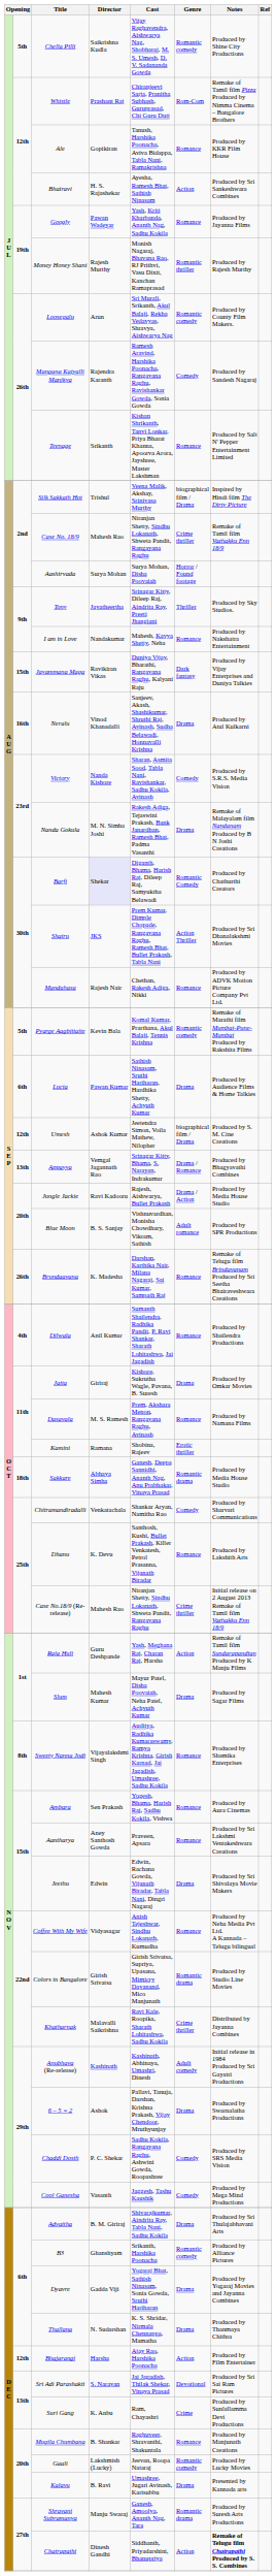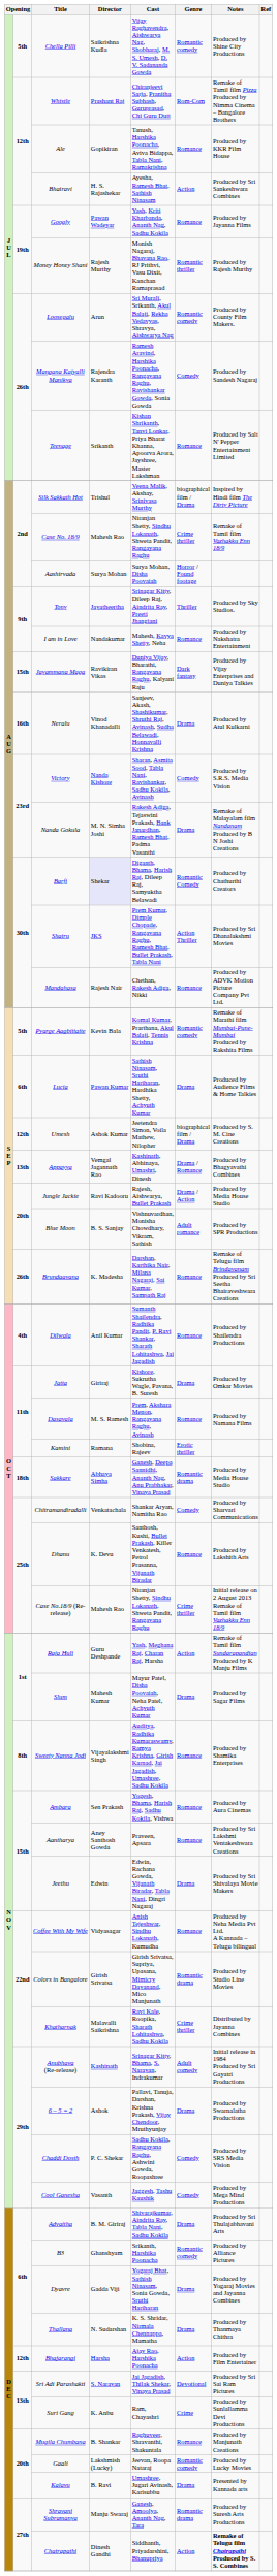 <table class="wikitable">
 <tr>
 <th colspan="2"><strong>Opening</strong></th>
 <th width="13%"><strong>Title</strong></th>
 <th><strong>Director</strong></th>
 <th><strong>Cast</strong></th>
 <th><strong>Genre</strong></th>
 <th><strong>Notes</strong></th>
 <th><strong>Ref</strong></th>
 </tr>
 <tr July!>
 <td rowspan="9" valign="center" align="center" style="background:#d0f0c0; textcolor:#000;"><strong>J<br>U<br>L</strong></td>
 <td align="center"><strong>5th</strong></td>
 <td align="center"><em><a href='#'>Chella Pilli</a></em></td>
 <td>Saikrishna Kudla</td>
 <td><a href='#'>Vijay Raghavendra</a>, <a href='#'>Aishwarya Nag</a>, <a href='#'>Shobharaj</a>, <a href='#'>M. S. Umesh</a>, <a href='#'>D. V. Sadananda Gowda</a></td>
 <td><a href='#'>Romantic comedy</a></td>
 <td>Produced by Shine City Productions</td>
 <td align="center"> <br></td>
 </tr>
 <tr>
 <td rowspan="3" align="center"><strong>12th</strong></td>
 <td align="center"><em><a href='#'>Whistle</a></em></td>
 <td><a href='#'>Prashant Raj</a></td>
 <td><a href='#'>Chiranjeevi Sarja</a>, <a href='#'>Pranitha Subhash</a>, <a href='#'>Guruprasad</a>, <a href='#'>Chi Guru Dutt</a></td>
 <td><a href='#'>Rom-Com</a></td>
 <td>Remake of Tamil film <em><a href='#'>Pizza</a></em> <br> Produced by Nimma Cinema – Bangalore Brothers</td>
 <td align="center"> <br></td>
 </tr>
 <tr>
 <td align="center"><em>Ale</em></td>
 <td>Gopikiran</td>
 <td>Tanush, <a href='#'>Harshika Poonacha</a>, Aviva Bidappa, <a href='#'>Tabla Nani</a>, <a href='#'>Ramakrishna</a></td>
 <td><a href='#'>Romance</a></td>
 <td>Produced by KKR Film House</td>
 <td align="center"></td>
 </tr>
 <tr>
 <td align="center"><em>Bhairavi</em></td>
 <td>H. S. Rajashekar</td>
 <td>Ayesha, <a href='#'>Ramesh Bhat</a>, <a href='#'>Sathish Ninasam</a></td>
 <td><a href='#'>Action</a></td>
 <td>Produced by Sri Sankeshwara Combines</td>
 <td align="center"></td>
 </tr>
 <tr>
 <td rowspan="2" align="center"><strong>19th</strong></td>
 <td align="center"><em><a href='#'>Googly</a></em></td>
 <td><a href='#'>Pawan Wadeyar</a></td>
 <td><a href='#'>Yash</a>, <a href='#'>Kriti Kharbanda</a>, <a href='#'>Ananth Nag</a>, <a href='#'>Sadhu Kokila</a></td>
 <td><a href='#'>Romance</a></td>
 <td>Produced by Jayanna Films</td>
 <td align="center"> <br></td>
 </tr>
 <tr>
 <td align="center"><em>Money Honey Shani</em></td>
 <td>Rajesh Murthy</td>
 <td>Monish Nagaraj, <a href='#'>Bhavana Rao</a>, RJ Prithvi, Vasu Dixit, Kanchan Ramaprasad</td>
 <td><a href='#'>Romantic thriller</a></td>
 <td>Produced by Rajesh Murthy</td>
 <td align="center"></td>
 </tr>
 <tr>
 <td rowspan="3" align="center"><strong>26th</strong></td>
 <td align="center"><em><a href='#'>Loosegalu</a></em></td>
 <td>Arun</td>
 <td><a href='#'>Sri Murali</a>, Srikanth, <a href='#'>Akul Balaji</a>, <a href='#'>Rekha Vedavyas</a>, Shravya, <a href='#'>Aishwarya Nag</a></td>
 <td><a href='#'>Romantic comedy</a></td>
 <td>Produced by County Film Makers.</td>
 <td align="center"> <br></td>
 </tr>
 <tr>
 <td align="center"><em><a href='#'>Mangana Kaiyalli Manikya</a></em></td>
 <td>Rajendra Karanth</td>
 <td><a href='#'>Ramesh Aravind</a>, <a href='#'>Harshika Poonacha</a>, <a href='#'>Rangayana Raghu</a>, <a href='#'>Ravishankar Gowda</a>, Sonia Gowda</td>
 <td><a href='#'>Comedy</a></td>
 <td>Produced by Sandesh Nagaraj</td>
 <td align="center"> <br></td>
 </tr>
 <tr>
 <td align="center"><em><a href='#'>Teenage</a></em></td>
 <td>Srikanth</td>
 <td><a href='#'>Kishan Shrikanth</a>, <a href='#'>Tanvi Lonkar</a>, Priya Bharat Khanna, Apoorva Arora, Jayshree, Master Lakshman</td>
 <td><a href='#'>Romance</a></td>
 <td>Produced by Salt N' Pepper Entertainment Limited</td>
 <td align="center"></td>
 </tr>
 <tr>
 </tr>
 <tr August!>
 <td rowspan="12" valign="center" align="center" style="background:#C2B280; textcolor:#000;"><strong>A<br>U<br>G</strong></td>
 <td rowspan="3" align="center"><strong>2nd</strong></td>
 <td align="center"><em><a href='#'>Silk Sakkath Hot</a></em></td>
 <td>Trishul</td>
 <td><a href='#'>Veena Malik</a>, Akshay, <a href='#'>Srinivasa Murthy</a></td>
 <td>biographical film / <a href='#'>Drama</a></td>
 <td>Inspired by Hindi film <em><a href='#'>The Dirty Picture</a></em></td>
 <td align="center"></td>
 </tr>
 <tr>
 <td align="center"><em><a href='#'>Case No. 18/9</a></em></td>
 <td>Mahesh Rao</td>
 <td>Niranjan Shetty, <a href='#'>Sindhu Lokanath</a>, Shweta Pandit, <a href='#'>Rangayana Raghu</a></td>
 <td><a href='#'>Crime thriller</a></td>
 <td>Remake of Tamil film <em><a href='#'>Vazhakku Enn 18/9</a></em></td>
 <td align="center"> <br></td>
 </tr>
 <tr>
 <td align="center"><em>Aashirvada</em></td>
 <td>Surya Mohan</td>
 <td>Surya Mohan, <a href='#'>Disha Poovaiah</a></td>
 <td><a href='#'>Horror</a> / <a href='#'>Found footage</a></td>
 <td></td>
 <td align="center"></td>
 </tr>
 <tr>
 <td rowspan="2" align="center"><strong>9th</strong></td>
 <td align="center"><em><a href='#'>Tony</a></em></td>
 <td><a href='#'>Jayatheertha</a></td>
 <td><a href='#'>Srinagar Kitty</a>, Dileep Raj, <a href='#'>Aindrita Ray</a>, <a href='#'>Preeti Jhangiani</a></td>
 <td><a href='#'>Thriller</a></td>
 <td>Produced by Sky Studios.</td>
 <td align="center"></td>
 </tr>
 <tr>
 <td align="center"><em>I am in Love</em></td>
 <td>Nandakumar</td>
 <td>Mahesh, <a href='#'>Kavya Shetty</a>, Neha</td>
 <td><a href='#'>Romance</a></td>
 <td>Produced by Nakshatra Entertainment</td>
 <td align="center"> <br></td>
 </tr>
 <tr>
 <td rowspan="1" align="center"><strong>15th</strong></td>
 <td align="center"><em><a href='#'>Jayammana Maga</a></em></td>
 <td>Ravikiran Vikas</td>
 <td><a href='#'>Duniya Vijay</a>, Bharathi, <a href='#'>Rangayana Raghu</a>, Kalyani Raju</td>
 <td><a href='#'>Dark fantasy</a></td>
 <td>Produced by Vijay Enterprises and Duniya Talkies</td>
 <td align="center"> <br></td>
 </tr>
 <tr>
 <td rowspan="1" align="center"><strong>16th</strong></td>
 <td align="center"><em>Neralu</em></td>
 <td>Vinod Khanadalli</td>
 <td>Sanjeev, Akash, <a href='#'>Shashikumar</a>, <a href='#'>Shruthi Raj</a>, <a href='#'>Avinash</a>, <a href='#'>Sudha Belawadi</a>, <a href='#'>Honnavalli Krishna</a></td>
 <td><a href='#'>Drama</a></td>
 <td>Produced by Atul Kulkarni</td>
 <td align="center"></td>
 </tr>
 <tr>
 <td rowspan="2" align="center"><strong>23rd</strong></td>
 <td align="center"><em><a href='#'>Victory</a></em></td>
 <td><a href='#'>Nanda Kishore</a></td>
 <td><a href='#'>Sharan</a>, <a href='#'>Asmita Sood</a>, <a href='#'>Tabla Nani</a>, <a href='#'>Ravishankar</a>, <a href='#'>Sadhu Kokila</a>, <a href='#'>Avinash</a></td>
 <td><a href='#'>Comedy</a></td>
 <td>Produced by S.R.S. Media Vision</td>
 <td align="center"> <br></td>
 </tr>
 <tr>
 <td align="center"><em>Nanda Gokula</em></td>
 <td>M. N. Simha Joshi</td>
 <td><a href='#'>Rakesh Adiga</a>, Tejaswini Prakash, <a href='#'>Bank Janardhan</a>, <a href='#'>Ramesh Bhat</a>, Padma Vasanthi</td>
 <td><a href='#'>Drama</a></td>
 <td>Remake of Malayalam film <em><a href='#'>Nandanam</a></em> <br> Produced by B N Joshi Creations</td>
 <td align="center"></td>
 </tr>
 <tr>
 <td rowspan="3" align="center"><strong>30th</strong></td>
 <td align="center"><em><a href='#'>Barfi</a></em></td>
 <td style="background: lavender;">Shekar</td>
 <td><a href='#'>Diganth</a>, <a href='#'>Bhama</a>, <a href='#'>Harish Raj</a>, Dileep Raj, Samyuktha Belawadi</td>
 <td><a href='#'>Romantic Comedy</a></td>
 <td>Produced by Chathurthi Creators</td>
 <td align="center"></td>
 </tr>
 <tr>
 <td align="center"><em><a href='#'>Shatru</a></em></td>
 <td><a href='#'>JKS</a></td>
 <td><a href='#'>Prem Kumar</a>, <a href='#'>Dimple Chopade</a>, <a href='#'>Rangayana Raghu</a>, <a href='#'>Ramesh Bhat</a>, <a href='#'>Bullet Prakash</a>, <a href='#'>Tabla Nani</a></td>
 <td><a href='#'>Action</a> <br> <a href='#'>Thriller</a></td>
 <td>Produced by Sri Dhanalakshmi Movies</td>
 <td align="center"> <br></td>
 </tr>
 <tr>
 <td align="center"><em><a href='#'>Mandahasa</a></em></td>
 <td>Rajesh Nair</td>
 <td>Chethan, <a href='#'>Rakesh Adiga</a>, Nikki</td>
 <td><a href='#'>Romance</a></td>
 <td>Produced by ADVK Motion Picture Company Pvt Ltd.</td>
 <td align="center"></td>
 </tr>
 <tr>
 </tr>
 <tr September!>
 <td rowspan="7" valign="center" align="center" style="background:#F5DEB3; textcolor:#000;"><strong>S<br>E<br>P</strong></td>
 <td rowspan="1" align="center"><strong>5th</strong></td>
 <td align="center"><em><a href='#'>Pyarge Aagbittaite</a></em></td>
 <td>Kevin Bala</td>
 <td><a href='#'>Komal Kumar</a>, Prarthana, <a href='#'>Akul Balaji</a>, <a href='#'>Tennis Krishna</a></td>
 <td><a href='#'>Romantic comedy</a></td>
 <td>Remake of Marathi film <em><a href='#'>Mumbai-Pune-Mumbai</a></em> <br> Produced by Rakshita Films</td>
 <td align="center"></td>
 </tr>
 <tr>
 <td rowspan="1" align="center"><strong>6th</strong></td>
 <td align="center"><em><a href='#'>Lucia</a></em></td>
 <td><a href='#'>Pawan Kumar</a></td>
 <td><a href='#'>Sathish Ninasam</a>, <a href='#'>Sruthi Hariharan</a>, Hardhika Shetty, <a href='#'>Achyuth Kumar</a></td>
 <td><a href='#'>Drama</a></td>
 <td>Produced by Audience Films & Home Talkies</td>
 <td align="center"></td>
 </tr>
 <tr>
 <td rowspan="1" align="center"><strong>12th</strong></td>
 <td align="center"><em>Umesh</em></td>
 <td>Ashok Kumar</td>
 <td>Jeetendra Simon, Voila Mathew, Nilopher</td>
 <td>biographical film / <a href='#'>Drama</a></td>
 <td>Produced by S. M. Cine Creations</td>
 <td align="center"></td>
 </tr>
 <tr>
 <td rowspan="1" align="center"><strong>13th</strong></td>
 <td align="center"><em><a href='#'>Appayya</a></em></td>
 <td>Vemgal Jagannath Rao</td>
-<td><a href='#'>Srinagar Kitty</a>, <a href='#'>Bhama</a>, <a href='#'>S. Narayan</a>, Indrakumar</td>
+<td><a href='#'>Kashinath</a>, Abhinaya, <a href='#'>Umashri</a>, Dinesh</td>
 <td><a href='#'>Drama</a> / <a href='#'>Romance</a></td>
 <td>Produced by Bhagyavathi Combines</td>
 <td align="center"></td>
 </tr>
 <tr>
 <td rowspan="2" align="center"><strong>20th</strong></td>
 <td align="center"><em>Jungle Jackie</em></td>
 <td>Ravi Kadooru</td>
 <td>Rajesh, Aishwarya, <a href='#'>Bullet Prakash</a></td>
 <td><a href='#'>Drama</a> / <a href='#'>Action</a></td>
 <td>Produced by Media House Studio</td>
 <td align="center"></td>
 </tr>
 <tr>
 <td align="center"><em>Blue Moon</em></td>
 <td>B. S. Sanjay</td>
 <td>Vishnuvardhan, Monisha Chowdhary, Vikram, Sathish</td>
 <td><a href='#'>Adult romance</a></td>
 <td>Produced by SPR Productions</td>
 <td align="center"></td>
 </tr>
 <tr>
 <td rowspan="1" align="center"><strong>26th</strong></td>
 <td align="center"><em><a href='#'>Brundaavana</a></em></td>
 <td>K. Madesha</td>
 <td><a href='#'>Darshan</a>, <a href='#'>Karthika Nair</a>, <a href='#'>Milana Nagaraj</a>, <a href='#'>Sai Kumar</a>, <a href='#'>Sampath Raj</a></td>
 <td><a href='#'>Romance</a></td>
 <td>Remake of Telugu film <em><a href='#'>Brindavanam</a></em> <br> Produced by Sri Seetha Bhairaveshwara Creations</td>
 <td align="center"> <br></td>
 </tr>
 <tr>
 </tr>
 <tr October!>
 <td rowspan="8" valign="center" align="center" style="background:#FFB7C5; textcolor:#000;"><strong>O<br>C<br>T</strong></td>
 <td rowspan="1" align="center"><strong>4th</strong></td>
 <td align="center"><em><a href='#'>Dilwala</a></em></td>
 <td>Anil Kumar</td>
 <td><a href='#'>Sumanth Shailendra</a>, <a href='#'>Radhika Pandit</a>, <a href='#'>P. Ravi Shankar</a>, <a href='#'>Sharath Lohitashwa</a>, <a href='#'>Jai Jagadish</a></td>
 <td><a href='#'>Romance</a></td>
 <td>Produced by Shailendra Productions</td>
 <td align="center"></td>
 </tr>
 <tr>
 <td rowspan="3" align="center"><strong>11th</strong></td>
 <td align="center"><em><a href='#'>Jatta</a></em></td>
 <td>Giriraj</td>
 <td><a href='#'>Kishore</a>, Sukrutha Wagle, Pavana, B. Suresh</td>
 <td><a href='#'>Drama</a></td>
 <td>Produced by Omkar Movies</td>
 <td align="center"><br></td>
 </tr>
 <tr>
 <td align="center"><em><a href='#'>Dasavala</a></em></td>
 <td>M. S. Ramesh</td>
 <td><a href='#'>Prem</a>, <a href='#'>Akshara Menon</a>, <a href='#'>Rangayana Raghu</a>, <a href='#'>Avinash</a></td>
 <td><a href='#'>Romance</a></td>
 <td>Produced by Namana Films</td>
 <td align="center"></td>
 </tr>
 <tr>
 <td align="center"><em>Kamini</em></td>
 <td>Ramana</td>
 <td>Shobina, Rajeev</td>
 <td><a href='#'>Erotic thriller</a></td>
 <td></td>
 <td align="center"></td>
 </tr>
 <tr>
 <td rowspan="1" align="center"><strong>18th</strong></td>
 <td align="center"><em><a href='#'>Sakkare</a></em></td>
 <td><a href='#'>Abhaya Simha</a></td>
 <td><a href='#'>Ganesh</a>, <a href='#'>Deepa Sannidhi</a>, <a href='#'>Ananth Nag</a>, <a href='#'>Anu Prabhakar</a>, <a href='#'>Vinaya Prasad</a></td>
 <td><a href='#'>Romantic drama</a></td>
 <td>Produced by Media House Studio</td>
 <td align="center"></td>
 </tr>
 <tr>
 <td rowspan="3" align="center"><strong>25th</strong></td>
 <td align="center"><em>Chitramandiradalli</em></td>
 <td>Venkatachala</td>
 <td>Shankar Aryan, Namitha Rao</td>
 <td><a href='#'>Comedy</a></td>
 <td>Produced by Sharvari Communications</td>
 <td align="center"></td>
 </tr>
 <tr>
 <td align="center"><em>Dhanu</em></td>
 <td>K. Devu</td>
 <td>Santhosh, Kushi, <a href='#'>Bullet Prakash</a>, Killer Venkatesh, Petrol Prasanna, <a href='#'>Vijanath Biradar</a></td>
 <td><a href='#'>Romance</a></td>
 <td>Produced by Lakshith Arts</td>
 <td align="center"></td>
 </tr>
 <tr>
 <td align="center"><em>Case No.18/9</em> (Re-release)</td>
 <td>Mahesh Rao</td>
 <td>Niranjan Shetty, <a href='#'>Sindhu Lokanath</a>, Shweta Pandit, <a href='#'>Rangayana Raghu</a></td>
 <td><a href='#'>Crime thriller</a></td>
 <td>Initial release on 2 August 2013<br> Remake of Tamil film <em><a href='#'>Vazhakku Enn 18/9</a></em></td>
 <td align="center"> <br></td>
 </tr>
 <tr>
 </tr>
 <tr November!>
 <td rowspan="13" valign="center" align="center" style="background:#d0f0c0; textcolor:#000;"><strong>N<br>O<br>V</strong></td>
 <td rowspan="2" align="center"><strong>1st</strong></td>
 <td align="center"><em><a href='#'>Raja Huli</a></em></td>
 <td>Guru Deshpande</td>
 <td><a href='#'>Yash</a>, <a href='#'>Meghana Raj</a>, <a href='#'>Charan Raj</a>, Harsha</td>
 <td><a href='#'>Action</a></td>
 <td>Remake of Tamil film <em><a href='#'>Sundarapandian</a></em> <br> Produced by K Manju Films</td>
 <td align="center"> <br></td>
 </tr>
 <tr>
 <td align="center"><em><a href='#'>Slum</a></em></td>
 <td>Mahesh Kumar</td>
 <td>Mayur Patel, <a href='#'>Disha Poovaiah</a>, Neha Patel, <a href='#'>Achyuth Kumar</a></td>
 <td><a href='#'>Drama</a></td>
 <td>Produced by Sagar Films</td>
 <td align="center"></td>
 </tr>
 <tr>
 <td rowspan="1" align="center"><strong>8th</strong></td>
 <td align="center"><em><a href='#'>Sweety Nanna Jodi</a></em></td>
 <td>Vijayalakshmi Singh</td>
 <td><a href='#'>Auditya</a>, <a href='#'>Radhika Kumaraswamy</a>, <a href='#'>Ramya Krishna</a>, <a href='#'>Girish Karnad</a>, <a href='#'>Jai Jagadish</a>, <a href='#'>Umashree</a>, <a href='#'>Sadhu Kokila</a></td>
 <td><a href='#'>Romance</a></td>
 <td>Produced by Shamika Enterprises</td>
 <td align="center"><br></td>
 </tr>
 <tr>
 <td rowspan="3" align="center"><strong>15th</strong></td>
 <td align="center"><em><a href='#'>Ambara</a></em></td>
 <td>Sen Prakash</td>
 <td><a href='#'>Yogesh</a>, <a href='#'>Bhama</a>, <a href='#'>Harish Raj</a>, <a href='#'>Sadhu Kokila</a>, Vishwa</td>
 <td><a href='#'>Romance</a></td>
 <td>Produced by Aura Cinemas</td>
 <td align="center"></td>
 </tr>
 <tr>
 <td align="center"><em>Aantharya</em></td>
 <td>Aney Santhosh Gowda</td>
 <td>Praveen, Apsara</td>
 <td><a href='#'>Romance</a></td>
 <td>Produced by Sri Lakshmi Ventakeshwara Creations</td>
 <td align="center"></td>
 </tr>
 <tr>
 <td align="center"><em>Jeethu</em></td>
 <td>Edwin</td>
 <td>Edwin, Rachana Gowda, <a href='#'>Vijanath Biradar</a>, <a href='#'>Tabla Nani</a>, Dingri Nagaraj</td>
 <td><a href='#'>Drama</a></td>
 <td>Produced by Sri Shivalaya Movie Makers</td>
 <td align="center"></td>
 </tr>
 <tr>
 <td rowspan="3" align="center"><strong>22nd</strong></td>
 <td align="center"><em><a href='#'>Coffee With My Wife</a></em></td>
 <td>Vidyasagar</td>
 <td><a href='#'>Anish Tejeshwar</a>, <a href='#'>Sindhu Lokanath</a>, Kumudha</td>
 <td><a href='#'>Romance</a></td>
 <td>Produced by Neha Media Pvt Ltd. <br> A Kannada – Telugu bilingual</td>
 <td align="center"><br></td>
 </tr>
 <tr>
 <td align="center"><em>Colors in Bangalore</em></td>
 <td>Girish Srivatsa</td>
 <td>Girish Srivatsa, Supriya, Upasana, <a href='#'>Mimicry Dayanand</a>, Mico Manjunath</td>
 <td><a href='#'>Romantic drama</a></td>
 <td>Produced by Studio Line Movies</td>
 <td align="center"></td>
 </tr>
 <tr>
 <td align="center"><em><a href='#'>Khatharnak</a></em></td>
 <td>Malavalli Saikrishna</td>
 <td><a href='#'>Ravi Kale</a>, Roopika, <a href='#'>Sharath Lohitashwa</a>, <a href='#'>Sadhu Kokila</a></td>
 <td><a href='#'>Crime thriller</a></td>
 <td>Distributed by Jayanna Combines</td>
 <td align="center"></td>
 </tr>
 <tr>
 <td rowspan="4" align="center"><strong>29th</strong></td>
 <td align="center"><em><a href='#'>Anubhava</a></em><br> (Re-release)</td>
 <td><a href='#'>Kashinath</a></td>
-<td><a href='#'>Kashinath</a>, Abhinaya, <a href='#'>Umashri</a>, Dinesh</td>
+<td><a href='#'>Srinagar Kitty</a>, <a href='#'>Bhama</a>, <a href='#'>S. Narayan</a>, Indrakumar</td>
 <td><a href='#'>Adult comedy</a></td>
 <td>Initial release in 1984 <br> Produced by Sri Gayatri Productions</td>
 <td align="center"><br></td>
 </tr>
 <tr>
 <td align="center"><em><a href='#'>6 – 5 = 2</a></em></td>
 <td>Ashok</td>
 <td>Pallavi, Tanuja, Darshan, Krishna Prakash, <a href='#'>Vijay Chendoor</a>, Mruthyunjay</td>
 <td><a href='#'>Drama</a></td>
 <td>Produced by Swarnalatha Productions</td>
 <td align="center"><br></td>
 </tr>
 <tr>
 <td align="center"><em><a href='#'>Chaddi Dosth</a></em></td>
 <td>P. C. Shekar</td>
 <td><a href='#'>Sadhu Kokila</a>, <a href='#'>Rangayana Raghu</a>, Ashwini Gowda, Roopashree</td>
 <td><a href='#'>Comedy</a></td>
 <td>Produced by SRS Media Vision</td>
 <td align="center"></td>
 </tr>
 <tr>
 <td align="center"><em><a href='#'>Cool Ganesha</a></em></td>
 <td>Vasanth</td>
 <td><a href='#'>Jaggesh</a>, <a href='#'>Tashu Kaushik</a></td>
 <td><a href='#'>Comedy</a></td>
 <td>Produced by Mega Mind Productions</td>
 <td align="center"></td>
 </tr>
 <tr>
 </tr>
 <tr December!>
 <td rowspan="12" valign="center" align="center" style="background:#B8860B; textcolor:#000;"><strong>D<br>E<br>C</strong></td>
 <td rowspan="4" align="center"><strong>6th</strong></td>
 <td align="center"><em><a href='#'>Advaitha</a></em></td>
 <td>B. M. Giriraj</td>
 <td><a href='#'>Shivarajkumar</a>, <a href='#'>Aindrita Ray</a>, <a href='#'>Tabla Nani</a>, <a href='#'>Sadhu Kokila</a></td>
 <td><a href='#'>Drama</a></td>
 <td>Produced by Sri Thulajabhavani Arts</td>
 <td align ="center"></td>
 </tr>
 <tr>
 <td align="center"><em>B3</em></td>
 <td>Ghanshyam</td>
 <td>Srikanth, <a href='#'>Harshika Poonacha</a></td>
 <td><a href='#'>Romantic comedy</a></td>
 <td>Produced by Alliance Pictures</td>
 <td align="center"></td>
 </tr>
 <tr>
 <td align="center"><em>Dyavre</em></td>
 <td>Gadda Viji</td>
 <td><a href='#'>Yogaraj Bhat</a>, <a href='#'>Sathish Ninasam</a>, Sonia Gowda, <a href='#'>Sruthi Hariharan</a></td>
 <td><a href='#'>Drama</a></td>
 <td>Produced by Yogaraj Movies and Jayanna Combines</td>
 <td align="center"></td>
 </tr>
 <tr>
 <td align="center"><em><a href='#'>Thallana</a></em></td>
 <td>N. Sudarshan</td>
 <td>K. S. Shridar, <a href='#'>Nirmala Chennappa</a>, Mamatha</td>
 <td><a href='#'>Drama</a></td>
 <td>Produced by Thanmaya Chithra</td>
 <td align="center"></td>
 </tr>
 <tr>
 <td rowspan="1" align="center"><strong>12th</strong></td>
 <td align="center"><em><a href='#'>Bhajarangi</a></em></td>
 <td><a href='#'>Harsha</a></td>
 <td><a href='#'>Ajay Rao</a>, <a href='#'>Harshika Poonacha</a></td>
 <td><a href='#'>Action</a></td>
 <td>Produced by Film Entertainer</td>
 <td align="center"></td>
 </tr>
 <tr>
 <td rowspan="2" align="center"><strong>13th</strong></td>
 <td align="center"><em>Sri Adi Parashakti</em></td>
 <td><a href='#'>S. Narayan</a></td>
 <td><a href='#'>Jai Jagadish</a>, <a href='#'>Thilak Shekar</a>, <a href='#'>Vinaya Prasad</a></td>
 <td><a href='#'>Devotional</a></td>
 <td>Produced by Sri Sai Ram Pictures</td>
 <td align="center"></td>
 </tr>
 <tr>
 <td align="center"><em>Suri Gang</em></td>
 <td>K. Anbu</td>
 <td>Ram, Chayashri</td>
 <td><a href='#'>Crime</a></td>
 <td>Produced by Sunlallamma Devi Productions</td>
 <td align="center"></td>
 </tr>
 <tr>
 <td rowspan="3" align="center"><strong>20th</strong></td>
 <td align="center"><em><a href='#'>Mugila Chumbana</a></em></td>
 <td>B. Shankar</td>
 <td><a href='#'>Raghuveer</a>, Shravanthi, Shakuntala</td>
 <td><a href='#'>Romance</a></td>
 <td>Produced by Manjunath Creations</td>
 <td align="center"></td>
 </tr>
 <tr>
 <td align="center"><em>Gaali</em></td>
 <td>Lakshmish (Lucky)</td>
 <td>Jeevan, Roopa Nataraj</td>
 <td><a href='#'>Romantic comedy</a></td>
 <td>Produced by Lucky Movies</td>
 <td align="center"></td>
 </tr>
 <tr>
 <td align="center"><em><a href='#'>Kalavu</a></em></td>
 <td>B. Ravi</td>
 <td><a href='#'>Umashree</a>, Jugari Avinash, Karisubbu</td>
 <td><a href='#'>Drama</a></td>
 <td>Presented by Kannada arts</td>
 <td align="center"></td>
 </tr>
 <tr>
 <td rowspan="2" align="center"><strong>27th</strong></td>
 <td align="center"><em><a href='#'>Shravani Subramanya</a></em></td>
 <td>Manju Swaraj</td>
 <td><a href='#'>Ganesh</a>, <a href='#'>Amoolya</a>, <a href='#'>Ananth Nag</a>, <a href='#'>Tara</a></td>
 <td><a href='#'>Romantic drama</a></td>
 <td>Produced by Suresh Arts Productions</td>
 <td align="center"></td>
 </tr>
 <tr>
 <td align="center"><em><a href='#'>Chatrapathi</a></em></td>
 <td>Dinesh Gandhi</td>
 <td>Siddhanth, Priyadarshini, <a href='#'>Bhanupriya</a></td>
 <td><a href='#'>Action</a></td>
 <td><strong>Remake of Telugu film <em><a href='#'>Chatrapathi</a></em> <br> Produced by S. S. Combines</strong></td>
 <td align="center"></td>
 </tr>
 <tr>
 </tr>
 </table>
